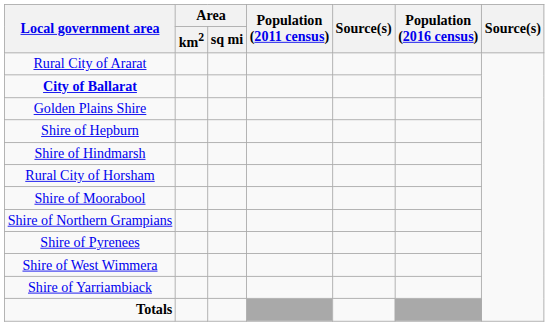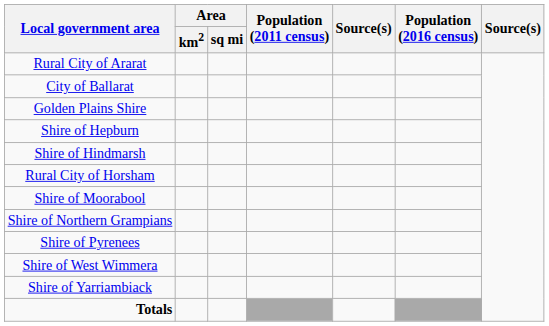 <table class="wikitable sortable plainrowheaders" style="text-align:center;">
 <tr>
 <th scope="col" rowspan="2"><a href='#'>Local government area</a></th>
 <th scope="col" colspan="2">Area</th>
 <th scope="col" rowspan="2">Population<br>(<a href='#'>2011 census</a>)</th>
 <th scope="col" rowspan="2">Source(s)</th>
 <th scope="col" rowspan="2">Population<br>(<a href='#'>2016 census</a>)</th>
 <th scope="col" rowspan="2">Source(s)</th>
 </tr>
 <tr>
 <th scope="col">km<sup>2</sup></th>
 <th scope="col">sq mi</th>
 </tr>
 <tr>
 <td scope="row"><a href='#'>Rural City of Ararat</a></td>
 <td></td>
 <td align="right"></td>
 <td></td>
 <td align="right"></td>
 <td></td>
 </tr>
 <tr>
-<td scope="row"><strong><a href='#'>City of Ballarat</a></strong></td>
+<td scope="row"><a href='#'>City of Ballarat</a></td>
 <td></td>
 <td align="right"></td>
 <td></td>
 <td align="right"></td>
 <td></td>
 </tr>
 <tr>
 <td scope="row"><a href='#'>Golden Plains Shire</a></td>
 <td></td>
 <td align="right"></td>
 <td></td>
 <td align="right"></td>
 <td></td>
 </tr>
 <tr>
 <td scope="row"><a href='#'>Shire of Hepburn</a></td>
 <td></td>
 <td align="right"></td>
 <td></td>
 <td align="right"></td>
 <td></td>
 </tr>
 <tr>
 <td scope="row"><a href='#'>Shire of Hindmarsh</a></td>
 <td></td>
 <td align="right"></td>
 <td></td>
 <td align="right"></td>
 <td></td>
 </tr>
 <tr>
 <td scope="row"><a href='#'>Rural City of Horsham</a></td>
 <td></td>
 <td align="right"></td>
 <td></td>
 <td align="right"></td>
 <td></td>
 </tr>
 <tr>
 <td scope="row"><a href='#'>Shire of Moorabool</a></td>
 <td></td>
 <td align="right"></td>
 <td></td>
 <td align="right"></td>
 <td></td>
 </tr>
 <tr>
 <td scope="row"><a href='#'>Shire of Northern Grampians</a></td>
 <td></td>
 <td align="right"></td>
 <td></td>
 <td align="right"></td>
 <td></td>
 </tr>
 <tr>
 <td scope="row"><a href='#'>Shire of Pyrenees</a></td>
 <td></td>
 <td align="right"></td>
 <td></td>
 <td align="right"></td>
 <td></td>
 </tr>
 <tr>
 <td scope="row"><a href='#'>Shire of West Wimmera</a></td>
 <td></td>
 <td align="right"></td>
 <td></td>
 <td align="right"></td>
 <td></td>
 </tr>
 <tr>
 <td scope="row"><a href='#'>Shire of Yarriambiack</a></td>
 <td></td>
 <td align="right"></td>
 <td></td>
 <td align="right"></td>
 <td></td>
 </tr>
 <tr>
 <td scope="row" align="right"><strong>Totals</strong></td>
 <td></td>
 <td align="right"><strong></strong></td>
 <td style="background:darkgrey;"></td>
 <td align="right"><strong></strong></td>
 <td style="background:darkgrey;"></td>
 </tr>
 </table>
